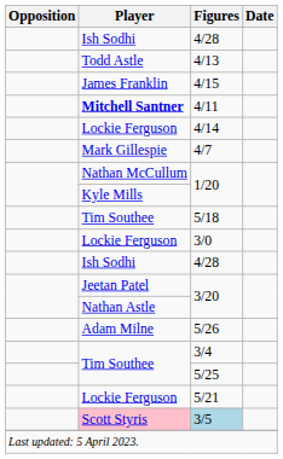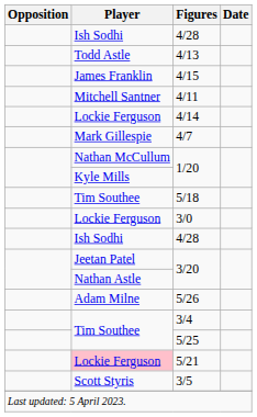 <table class="wikitable sortable">
 <tr>
 <th>Opposition</th>
 <th>Player</th>
 <th>Figures</th>
 <th>Date</th>
 </tr>
 <tr>
 <td></td>
 <td><a href='#'>Ish Sodhi</a></td>
 <td>4/28</td>
 <td></td>
 </tr>
 <tr>
 <td></td>
 <td><a href='#'>Todd Astle</a></td>
 <td>4/13</td>
 <td></td>
 </tr>
 <tr>
 <td></td>
 <td><a href='#'>James Franklin</a></td>
 <td>4/15</td>
 <td></td>
 </tr>
 <tr>
 <td></td>
-<td><strong><a href='#'>Mitchell Santner</a></strong></td>
+<td><a href='#'>Mitchell Santner</a></td>
 <td>4/11</td>
 <td> </td>
 </tr>
 <tr>
 <td></td>
 <td><a href='#'>Lockie Ferguson</a></td>
 <td>4/14</td>
 <td> </td>
 </tr>
 <tr>
 <td></td>
 <td><a href='#'>Mark Gillespie</a></td>
 <td>4/7</td>
 <td> </td>
 </tr>
 <tr>
 <td rowspan=2></td>
 <td><a href='#'>Nathan McCullum</a></td>
 <td rowspan=2>1/20</td>
 <td rowspan=2> </td>
 </tr>
 <tr>
 <td><a href='#'>Kyle Mills</a></td>
 </tr>
 <tr>
 <td></td>
 <td><a href='#'>Tim Southee</a></td>
 <td>5/18</td>
 <td></td>
 </tr>
 <tr>
 <td></td>
 <td><a href='#'>Lockie Ferguson</a></td>
 <td>3/0</td>
 <td> </td>
 </tr>
 <tr>
 <td></td>
 <td><a href='#'>Ish Sodhi</a></td>
 <td>4/28</td>
 <td></td>
 </tr>
 <tr>
 <td rowspan=2></td>
 <td><a href='#'>Jeetan Patel</a></td>
 <td rowspan=2>3/20</td>
 <td rowspan=2></td>
 </tr>
 <tr>
 <td><a href='#'>Nathan Astle</a></td>
 </tr>
 <tr>
 <td></td>
 <td><a href='#'>Adam Milne</a></td>
 <td>5/26</td>
 <td></td>
 </tr>
 <tr>
 <td></td>
 <td rowspan=2><a href='#'>Tim Southee</a></td>
 <td>3/4</td>
 <td> </td>
 </tr>
 <tr>
 <td></td>
 <td>5/25</td>
 <td></td>
 </tr>
 <tr>
 <td></td>
-<td><a href='#'>Lockie Ferguson</a></td>
+<td style="background: pink;"><a href='#'>Lockie Ferguson</a></td>
 <td>5/21</td>
 <td></td>
 </tr>
 <tr>
 <td></td>
-<td style="background: pink;"><a href='#'>Scott Styris</a></td>
-<td style="background: lightblue;">3/5</td>
+<td><a href='#'>Scott Styris</a></td>
+<td>3/5</td>
 <td> </td>
 </tr>
 <tr>
 </tr>
 <tr class=sortbottom>
 <td colspan=5><small><em>Last updated: 5 April 2023.</em></small></td>
 </tr>
 </table>
